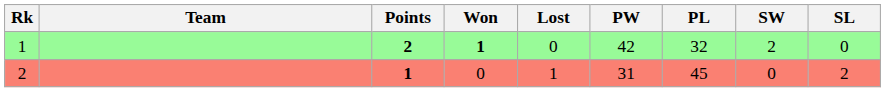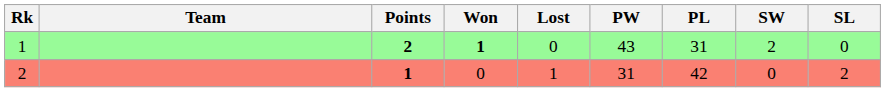 <table class=wikitable style=text-align:center>
 <tr>
 <th width=25>Rk</th>
 <th width=300>Team</th>
 <th width=60>Points</th>
 <th width=60>Won</th>
 <th width=60>Lost</th>
 <th width=60>PW</th>
 <th width=60>PL</th>
 <th width=60>SW</th>
 <th width=60>SL</th>
 </tr>
 <tr style="background: #98fb98">
 <td>1</td>
 <td align=left></td>
 <td><strong>2</strong></td>
 <td><strong>1</strong></td>
 <td>0</td>
-<td>42</td>
-<td>32</td>
+<td>43</td>
+<td>31</td>
 <td>2</td>
 <td>0</td>
 </tr>
 <tr style="background: salmon">
 <td>2</td>
 <td align=left></td>
 <td><strong>1</strong></td>
 <td>0</td>
 <td>1</td>
 <td>31</td>
-<td>45</td>
+<td>42</td>
 <td>0</td>
 <td>2</td>
 </tr>
 </table>
